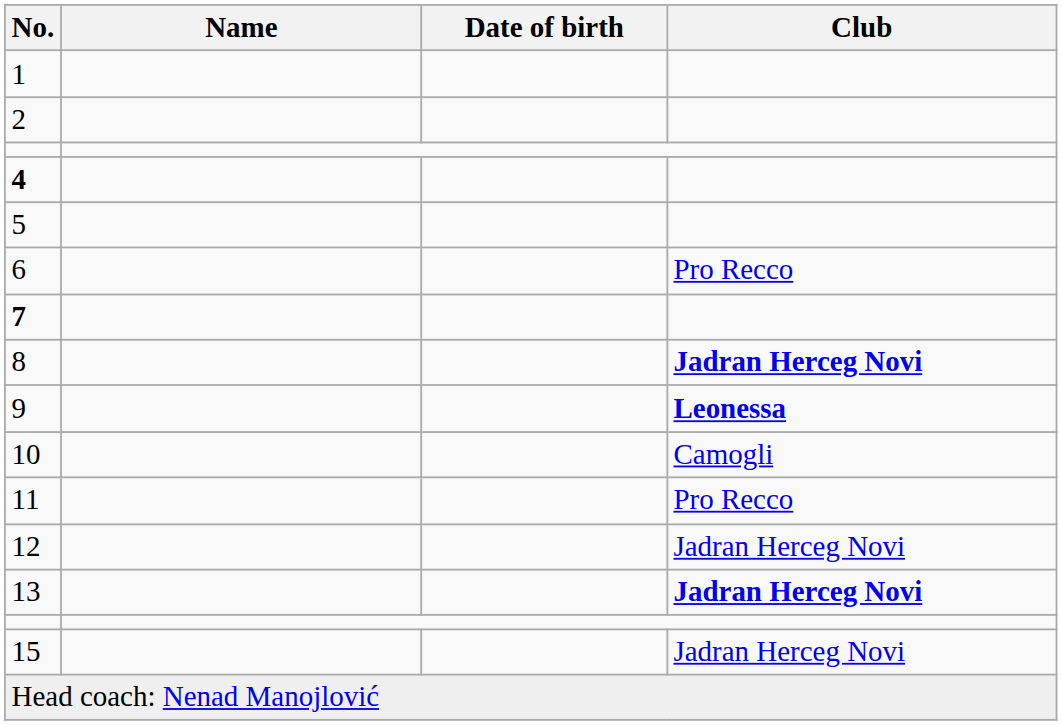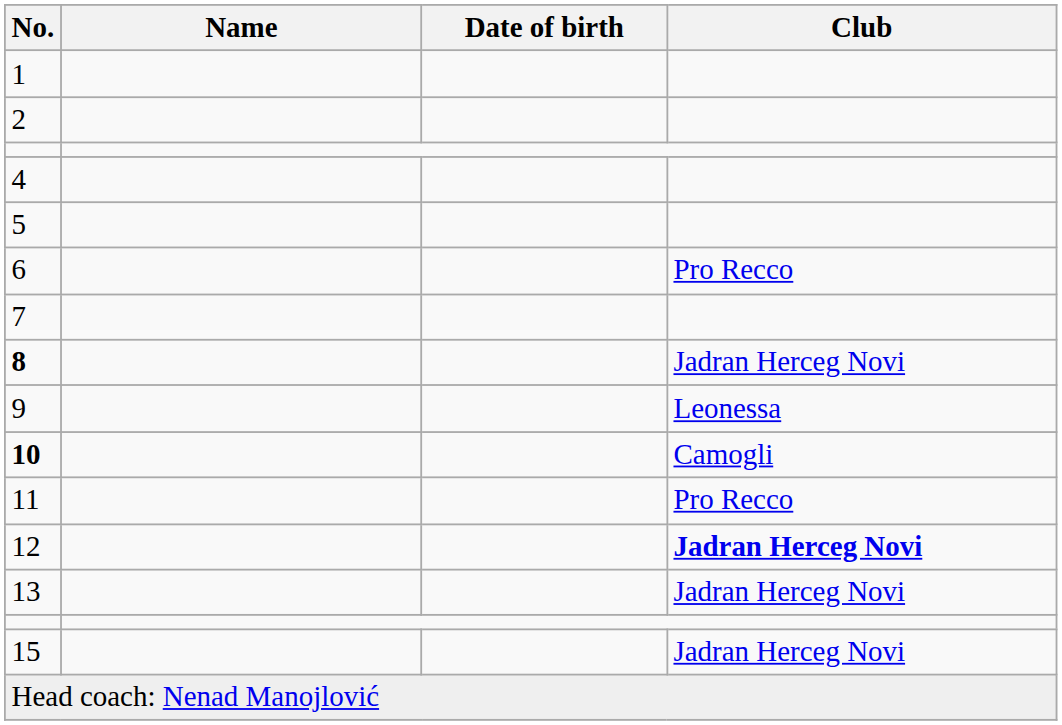 <table class=wikitable sortable style=font-size:100%; text-align:center;>
 <tr>
 <th>No.</th>
 <th style=width:12em>Name</th>
 <th style=width:8em>Date of birth</th>
 <th style=width:13em>Club</th>
 </tr>
 <tr>
 <td>1</td>
 <td align=left></td>
 <td align=right></td>
 </tr>
 <tr>
 <td>2</td>
 <td align=left></td>
 <td align=right></td>
 <td></td>
 </tr>
 <tr>
 <td></td>
 </tr>
 <tr>
-<td><strong>4</strong></td>
+<td>4</td>
 <td align=left></td>
 <td align=right></td>
 <td></td>
 </tr>
 <tr>
 <td>5</td>
 <td align=left></td>
 <td align=right></td>
 <td></td>
 </tr>
 <tr>
 <td>6</td>
 <td align=left></td>
 <td align=right></td>
 <td> <a href='#'>Pro Recco</a></td>
 </tr>
 <tr>
-<td><strong>7</strong></td>
+<td>7</td>
 <td align=left></td>
 <td align=right></td>
 <td></td>
 </tr>
 <tr>
-<td>8</td>
+<td><strong>8</strong></td>
 <td align=left></td>
 <td align=right></td>
-<td><strong> <a href='#'>Jadran Herceg Novi</a></strong></td>
+<td> <a href='#'>Jadran Herceg Novi</a></td>
 </tr>
 <tr>
 <td>9</td>
 <td align=left></td>
 <td align=right></td>
-<td><strong> <a href='#'>Leonessa</a></strong></td>
+<td> <a href='#'>Leonessa</a></td>
 </tr>
 <tr>
-<td>10</td>
+<td><strong>10</strong></td>
 <td align=left></td>
 <td align=right></td>
 <td> <a href='#'>Camogli</a></td>
 </tr>
 <tr>
 <td>11</td>
 <td align=left></td>
 <td align=right></td>
 <td> <a href='#'>Pro Recco</a></td>
 </tr>
 <tr>
 <td>12</td>
 <td align=left></td>
 <td align=right></td>
-<td> <a href='#'>Jadran Herceg Novi</a></td>
+<td><strong> <a href='#'>Jadran Herceg Novi</a></strong></td>
 </tr>
 <tr>
 <td>13</td>
 <td align=left></td>
 <td align=right></td>
-<td><strong> <a href='#'>Jadran Herceg Novi</a></strong></td>
+<td> <a href='#'>Jadran Herceg Novi</a></td>
 </tr>
 <tr>
 <td></td>
 </tr>
 <tr>
 <td>15</td>
 <td align=left></td>
 <td align=right></td>
 <td> <a href='#'>Jadran Herceg Novi</a></td>
 </tr>
 <tr style="background:#efefef;">
 <td colspan="4" style="text-align:left;">Head coach: <a href='#'>Nenad Manojlović</a></td>
 </tr>
 </table>
